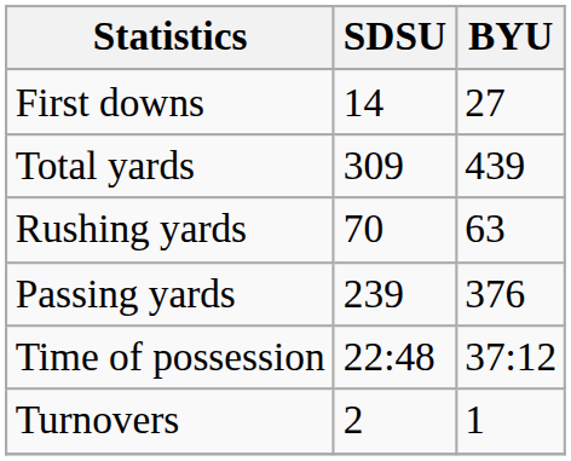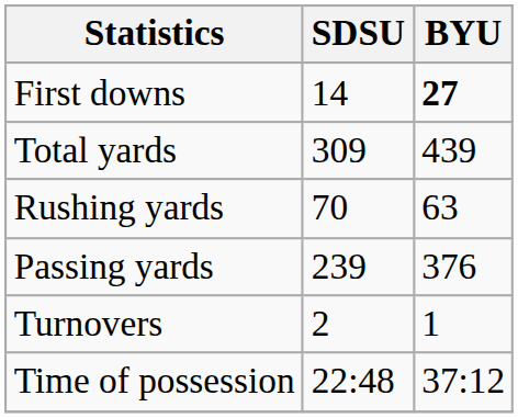 <table class="wikitable">
 <tr>
 <th>Statistics</th>
 <th>SDSU</th>
 <th>BYU</th>
 </tr>
 <tr>
 <td>First downs</td>
 <td>14</td>
-<td>27</td>
+<td><strong>27</strong></td>
 </tr>
 <tr>
 <td>Total yards</td>
 <td>309</td>
 <td>439</td>
 </tr>
 <tr>
 <td>Rushing yards</td>
 <td>70</td>
 <td>63</td>
 </tr>
 <tr>
 <td>Passing yards</td>
 <td>239</td>
 <td>376</td>
 </tr>
 <tr>
+<td>Turnovers</td>
+<td>2</td>
+<td>1</td>
+</tr>
+<tr>
 <td>Time of possession</td>
 <td>22:48</td>
 <td>37:12</td>
 </tr>
 <tr>
-<td>Turnovers</td>
-<td>2</td>
-<td>1</td>
-</tr>
-<tr>
 </tr>
 </table>
